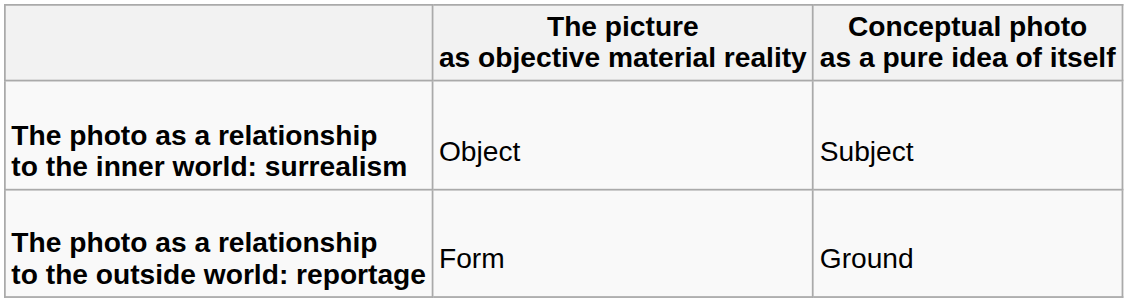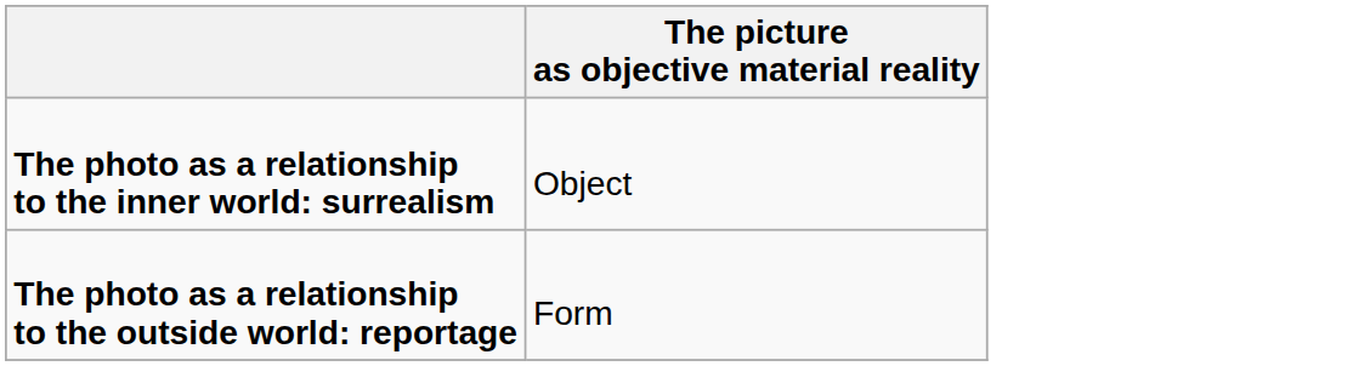 <table class="wikitable">
 <tr>
 <th></th>
 <th><div><strong>The picture</strong><br><strong>as objective material reality</strong> </div></th>
-<th><div><strong>Conceptual photo</strong><br><strong>as a pure idea of itself</strong> </div></th>
 </tr>
 <tr>
 <td><div><br><strong>The photo as a relationship</strong><br><strong>to the inner world: surrealism</strong> </div></td>
 <td><div><br>Object</div></td>
-<td><div><br>Subject</div></td>
 </tr>
 <tr>
 <td><div><br><strong>The photo as a relationship</strong><br><strong>to the outside world: reportage</strong></div></td>
 <td><div><br>Form</div></td>
-<td><div><br>Ground</div></td>
 </tr>
 </table>
